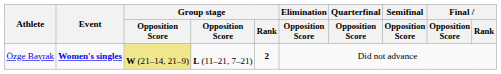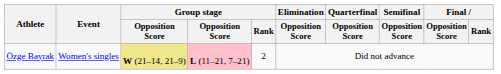 <table class="wikitable" style="font-size:90%">
 <tr>
 <th rowspan=2>Athlete</th>
 <th rowspan=2>Event</th>
 <th colspan=3>Group stage</th>
 <th>Elimination</th>
 <th>Quarterfinal</th>
 <th>Semifinal</th>
 <th colspan=2>Final / </th>
 </tr>
 <tr style="font-size:95%">
 <th>Opposition<br>Score</th>
 <th>Opposition<br>Score</th>
 <th>Rank</th>
 <th>Opposition<br>Score</th>
 <th>Opposition<br>Score</th>
 <th>Opposition<br>Score</th>
 <th>Opposition<br>Score</th>
 <th>Rank</th>
 </tr>
 <tr align=center>
 <td align=left><a href='#'>Özge Bayrak</a></td>
-<td align=left><strong><a href='#'>Women's singles</a></strong></td>
+<td align=left><a href='#'>Women's singles</a></td>
 <td style="background: khaki;"><br><strong>W</strong> (21–14, 21–9)</td>
-<td><br><strong>L</strong> (11–21, 7–21)</td>
-<td><strong>2</strong></td>
+<td style="background: pink;"><br><strong>L</strong> (11–21, 7–21)</td>
+<td>2</td>
 <td colspan=5>Did not advance</td>
 </tr>
 </table>
